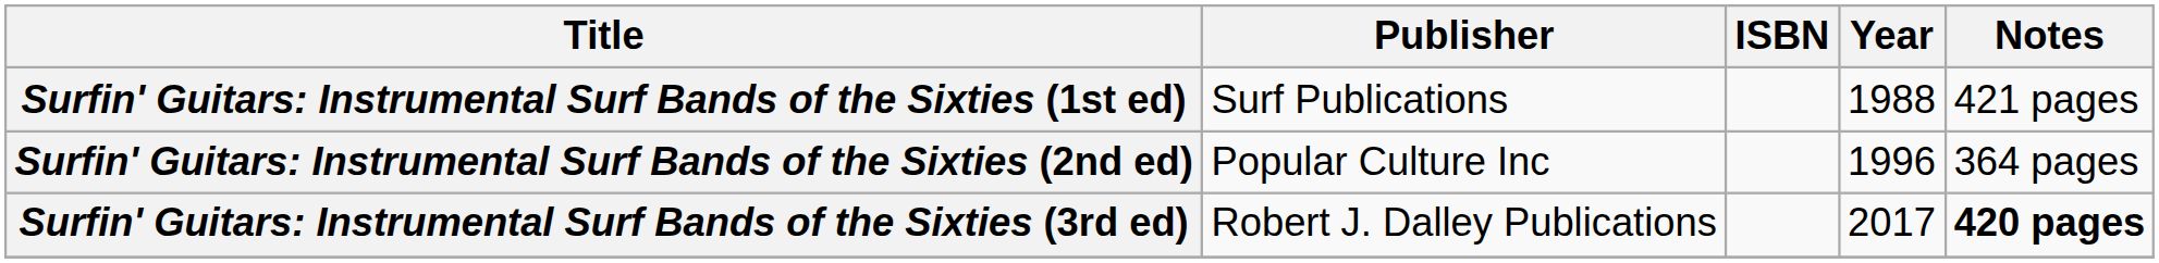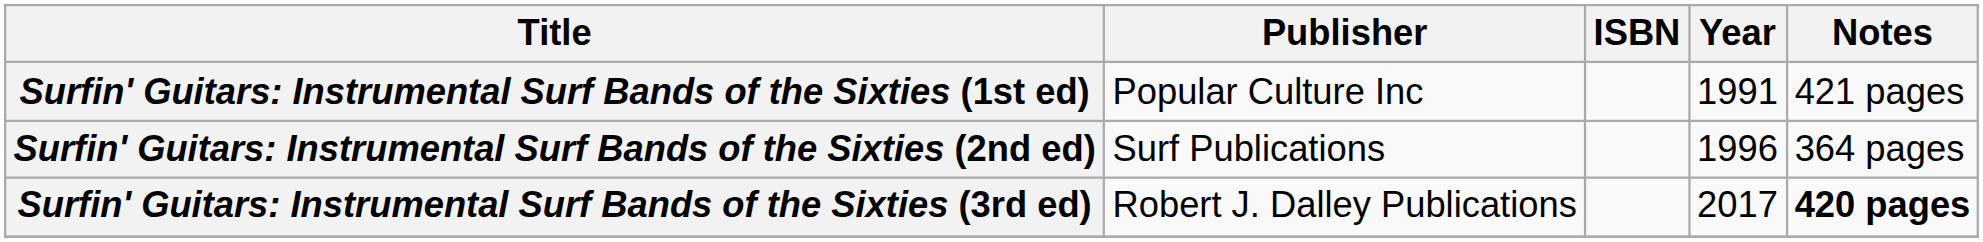 <table class="wikitable plainrowheaders sortable">
 <tr>
 <th scope="col">Title</th>
 <th scope="col">Publisher</th>
 <th scope="col">ISBN</th>
 <th scope="col">Year</th>
 <th scope="col" class="unsortable">Notes</th>
 </tr>
 <tr>
 <th scope="row"><em>Surfin' Guitars: Instrumental Surf Bands of the Sixties</em> (1st ed)</th>
-<td>Surf Publications </td>
+<td>Popular Culture Inc</td>
 <td></td>
-<td>1988</td>
+<td>1991</td>
 <td>421 pages</td>
 </tr>
 <tr>
 <th scope="row"><em>Surfin' Guitars: Instrumental Surf Bands of the Sixties</em> (2nd ed)</th>
-<td>Popular Culture Inc</td>
+<td>Surf Publications </td>
 <td></td>
 <td>1996</td>
 <td>364 pages</td>
 </tr>
 <tr>
 <th scope="row"><em>Surfin' Guitars: Instrumental Surf Bands of the Sixties</em> (3rd ed)</th>
 <td>Robert J. Dalley Publications</td>
 <td></td>
 <td>2017</td>
 <td><strong>420 pages</strong></td>
 </tr>
 <tr>
 </tr>
 </table>
